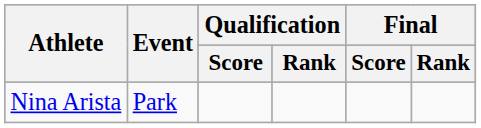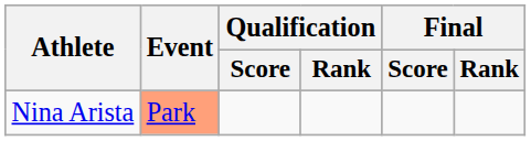 <table class="wikitable" style="font-size:90%">
 <tr>
 <th rowspan="2">Athlete</th>
 <th rowspan="2">Event</th>
 <th colspan="2">Qualification</th>
 <th colspan="2">Final</th>
 </tr>
 <tr style="font-size: 95%">
 <th>Score</th>
 <th>Rank</th>
 <th>Score</th>
 <th>Rank</th>
 </tr>
 <tr align=center>
 <td align=left><a href='#'>Nina Arista</a></td>
-<td align=left><a href='#'>Park</a></td>
+<td align=left style="background: lightsalmon;"><a href='#'>Park</a></td>
 <td></td>
 <td></td>
 <td></td>
 <td></td>
 </tr>
 </table>
